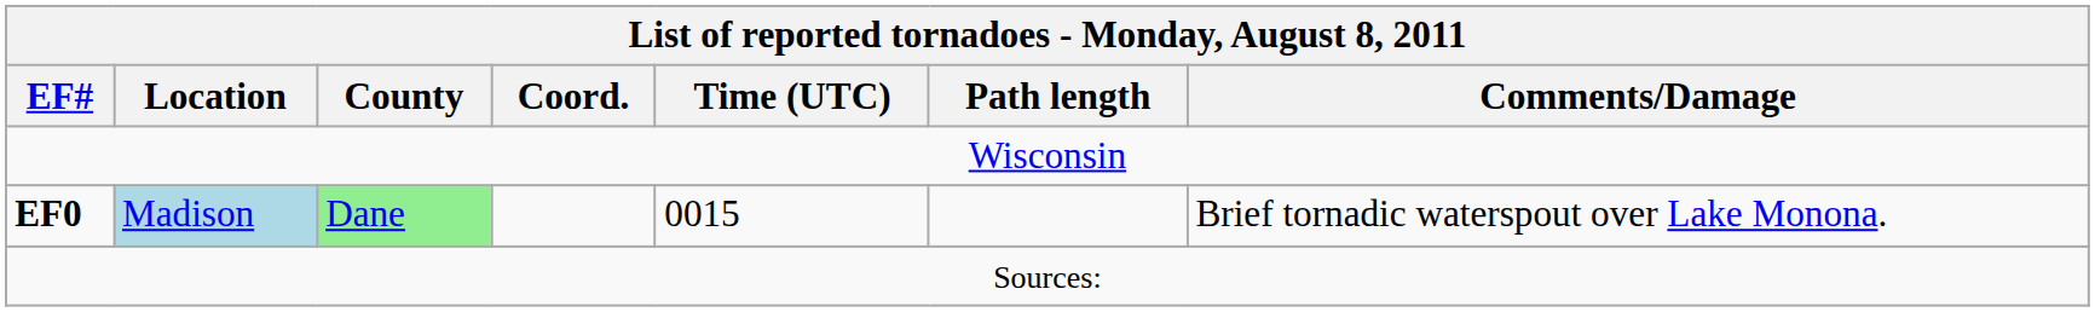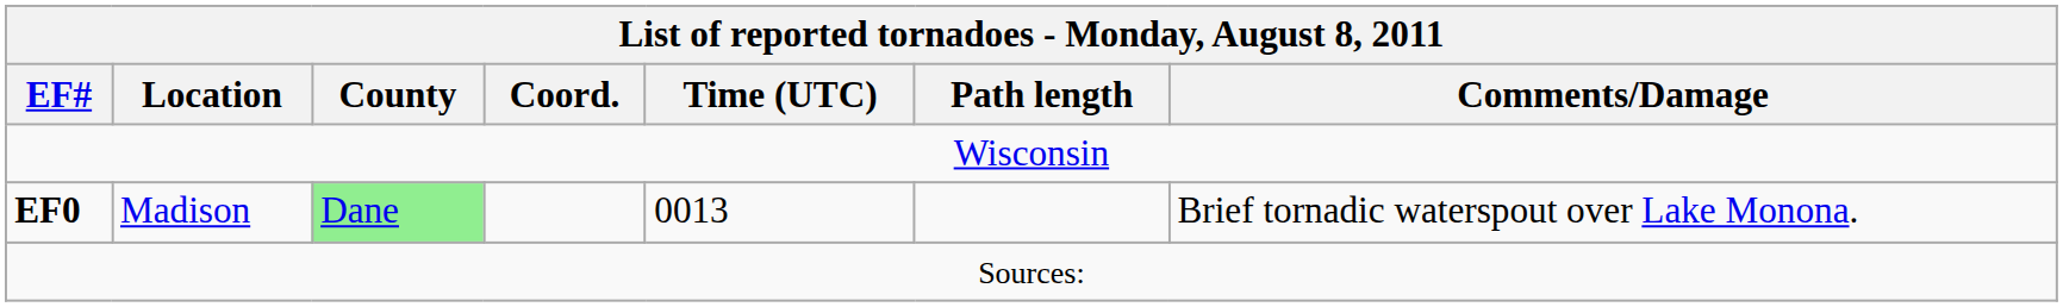 <table class="wikitable collapsible" width="100%">
 <tr>
 <th colspan="7">List of reported tornadoes - Monday, August 8, 2011</th>
 </tr>
 <tr>
 <th><a href='#'>EF#</a></th>
 <th>Location</th>
 <th>County</th>
 <th>Coord.</th>
 <th>Time (UTC)</th>
 <th>Path length</th>
 <th>Comments/Damage</th>
 </tr>
 <tr>
 <td colspan="7" align=center><a href='#'>Wisconsin</a></td>
 </tr>
 <tr>
 <td><strong>EF0</strong></td>
-<td style="background: lightblue;"><a href='#'>Madison</a></td>
+<td><a href='#'>Madison</a></td>
 <td style="background: lightgreen;"><a href='#'>Dane</a></td>
 <td></td>
-<td>0015</td>
+<td>0013</td>
 <td></td>
 <td>Brief tornadic waterspout over <a href='#'>Lake Monona</a>.</td>
 </tr>
 <tr>
 <td colspan="7" align=center><small>Sources: </small></td>
 </tr>
 </table>
